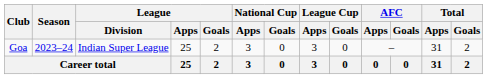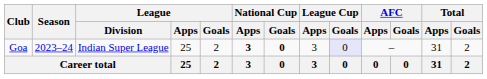 <table class="wikitable" style="text-align: center">
 <tr>
 <th rowspan="2">Club</th>
 <th rowspan="2">Season</th>
 <th colspan="3">League</th>
 <th colspan="2">National Cup</th>
 <th colspan="2">League Cup</th>
 <th colspan="2"><a href='#'>AFC</a></th>
 <th colspan="2">Total</th>
 </tr>
 <tr>
 <th>Division</th>
 <th>Apps</th>
 <th>Goals</th>
 <th>Apps</th>
 <th>Goals</th>
 <th>Apps</th>
 <th>Goals</th>
 <th>Apps</th>
 <th>Goals</th>
 <th>Apps</th>
 <th>Goals</th>
 </tr>
 <tr>
 <td rowspan="1"><a href='#'>Goa</a></td>
 <td><a href='#'>2023–24</a></td>
 <td rowspan="1"><a href='#'>Indian Super League</a></td>
 <td>25</td>
 <td>2</td>
+<td><strong>3</strong></td>
+<td><strong>0</strong></td>
 <td>3</td>
-<td>0</td>
-<td>3</td>
-<td>0</td>
+<td style="background: lavender;">0</td>
 <td colspan="2">–</td>
 <td>31</td>
 <td>2</td>
 </tr>
 <tr>
 <th colspan="3">Career total</th>
 <th>25</th>
 <th>2</th>
 <th>3</th>
 <th>0</th>
 <th>3</th>
 <th>0</th>
 <th>0</th>
 <th>0</th>
 <th>31</th>
 <th>2</th>
 </tr>
 </table>
